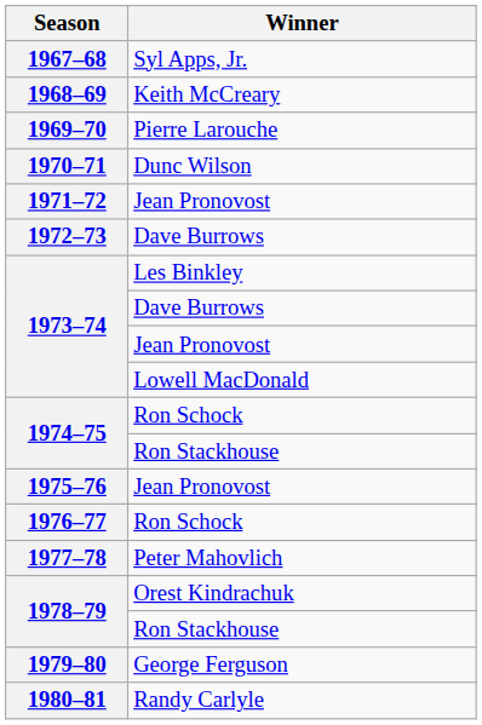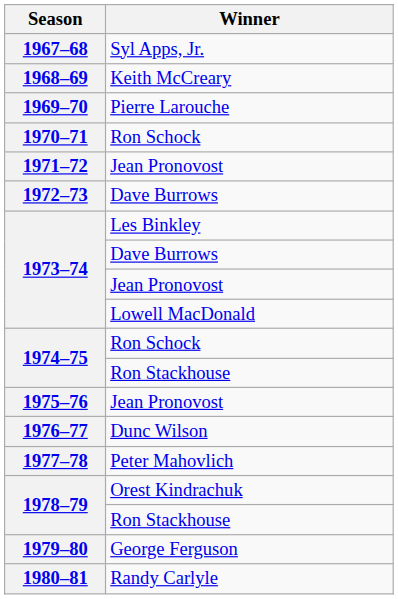 <table class="wikitable">
 <tr>
 <th scope="col" style="width:5em">Season</th>
 <th scope="col" style="width:15em">Winner</th>
 </tr>
 <tr>
 <th scope="row"><a href='#'>1967–68</a></th>
 <td><a href='#'>Syl Apps, Jr.</a></td>
 </tr>
 <tr>
 <th scope="row"><a href='#'>1968–69</a></th>
 <td><a href='#'>Keith McCreary</a></td>
 </tr>
 <tr>
 <th scope="row"><a href='#'>1969–70</a></th>
 <td><a href='#'>Pierre Larouche</a></td>
 </tr>
 <tr>
 <th scope="row"><a href='#'>1970–71</a></th>
-<td><a href='#'>Dunc Wilson</a></td>
+<td><a href='#'>Ron Schock</a></td>
 </tr>
 <tr>
 <th scope="row"><a href='#'>1971–72</a></th>
 <td><a href='#'>Jean Pronovost</a></td>
 </tr>
 <tr>
 <th scope="row"><a href='#'>1972–73</a></th>
 <td><a href='#'>Dave Burrows</a></td>
 </tr>
 <tr>
 <th scope="row" rowspan="4"><a href='#'>1973–74</a></th>
 <td><a href='#'>Les Binkley</a></td>
 </tr>
 <tr>
 <td><a href='#'>Dave Burrows</a></td>
 </tr>
 <tr>
 <td><a href='#'>Jean Pronovost</a></td>
 </tr>
 <tr>
 <td><a href='#'>Lowell MacDonald</a></td>
 </tr>
 <tr>
 <th scope="row" rowspan="2"><a href='#'>1974–75</a></th>
 <td><a href='#'>Ron Schock</a></td>
 </tr>
 <tr>
 <td><a href='#'>Ron Stackhouse</a></td>
 </tr>
 <tr>
 <th scope="row"><a href='#'>1975–76</a></th>
 <td><a href='#'>Jean Pronovost</a></td>
 </tr>
 <tr>
 <th scope="row"><a href='#'>1976–77</a></th>
-<td><a href='#'>Ron Schock</a></td>
+<td><a href='#'>Dunc Wilson</a></td>
 </tr>
 <tr>
 <th scope="row"><a href='#'>1977–78</a></th>
 <td><a href='#'>Peter Mahovlich</a></td>
 </tr>
 <tr>
 <th scope="row" rowspan="2"><a href='#'>1978–79</a></th>
 <td><a href='#'>Orest Kindrachuk</a></td>
 </tr>
 <tr>
 <td><a href='#'>Ron Stackhouse</a></td>
 </tr>
 <tr>
 <th scope="row"><a href='#'>1979–80</a></th>
 <td><a href='#'>George Ferguson</a></td>
 </tr>
 <tr>
 <th scope="row"><a href='#'>1980–81</a></th>
 <td><a href='#'>Randy Carlyle</a></td>
 </tr>
 </table>
